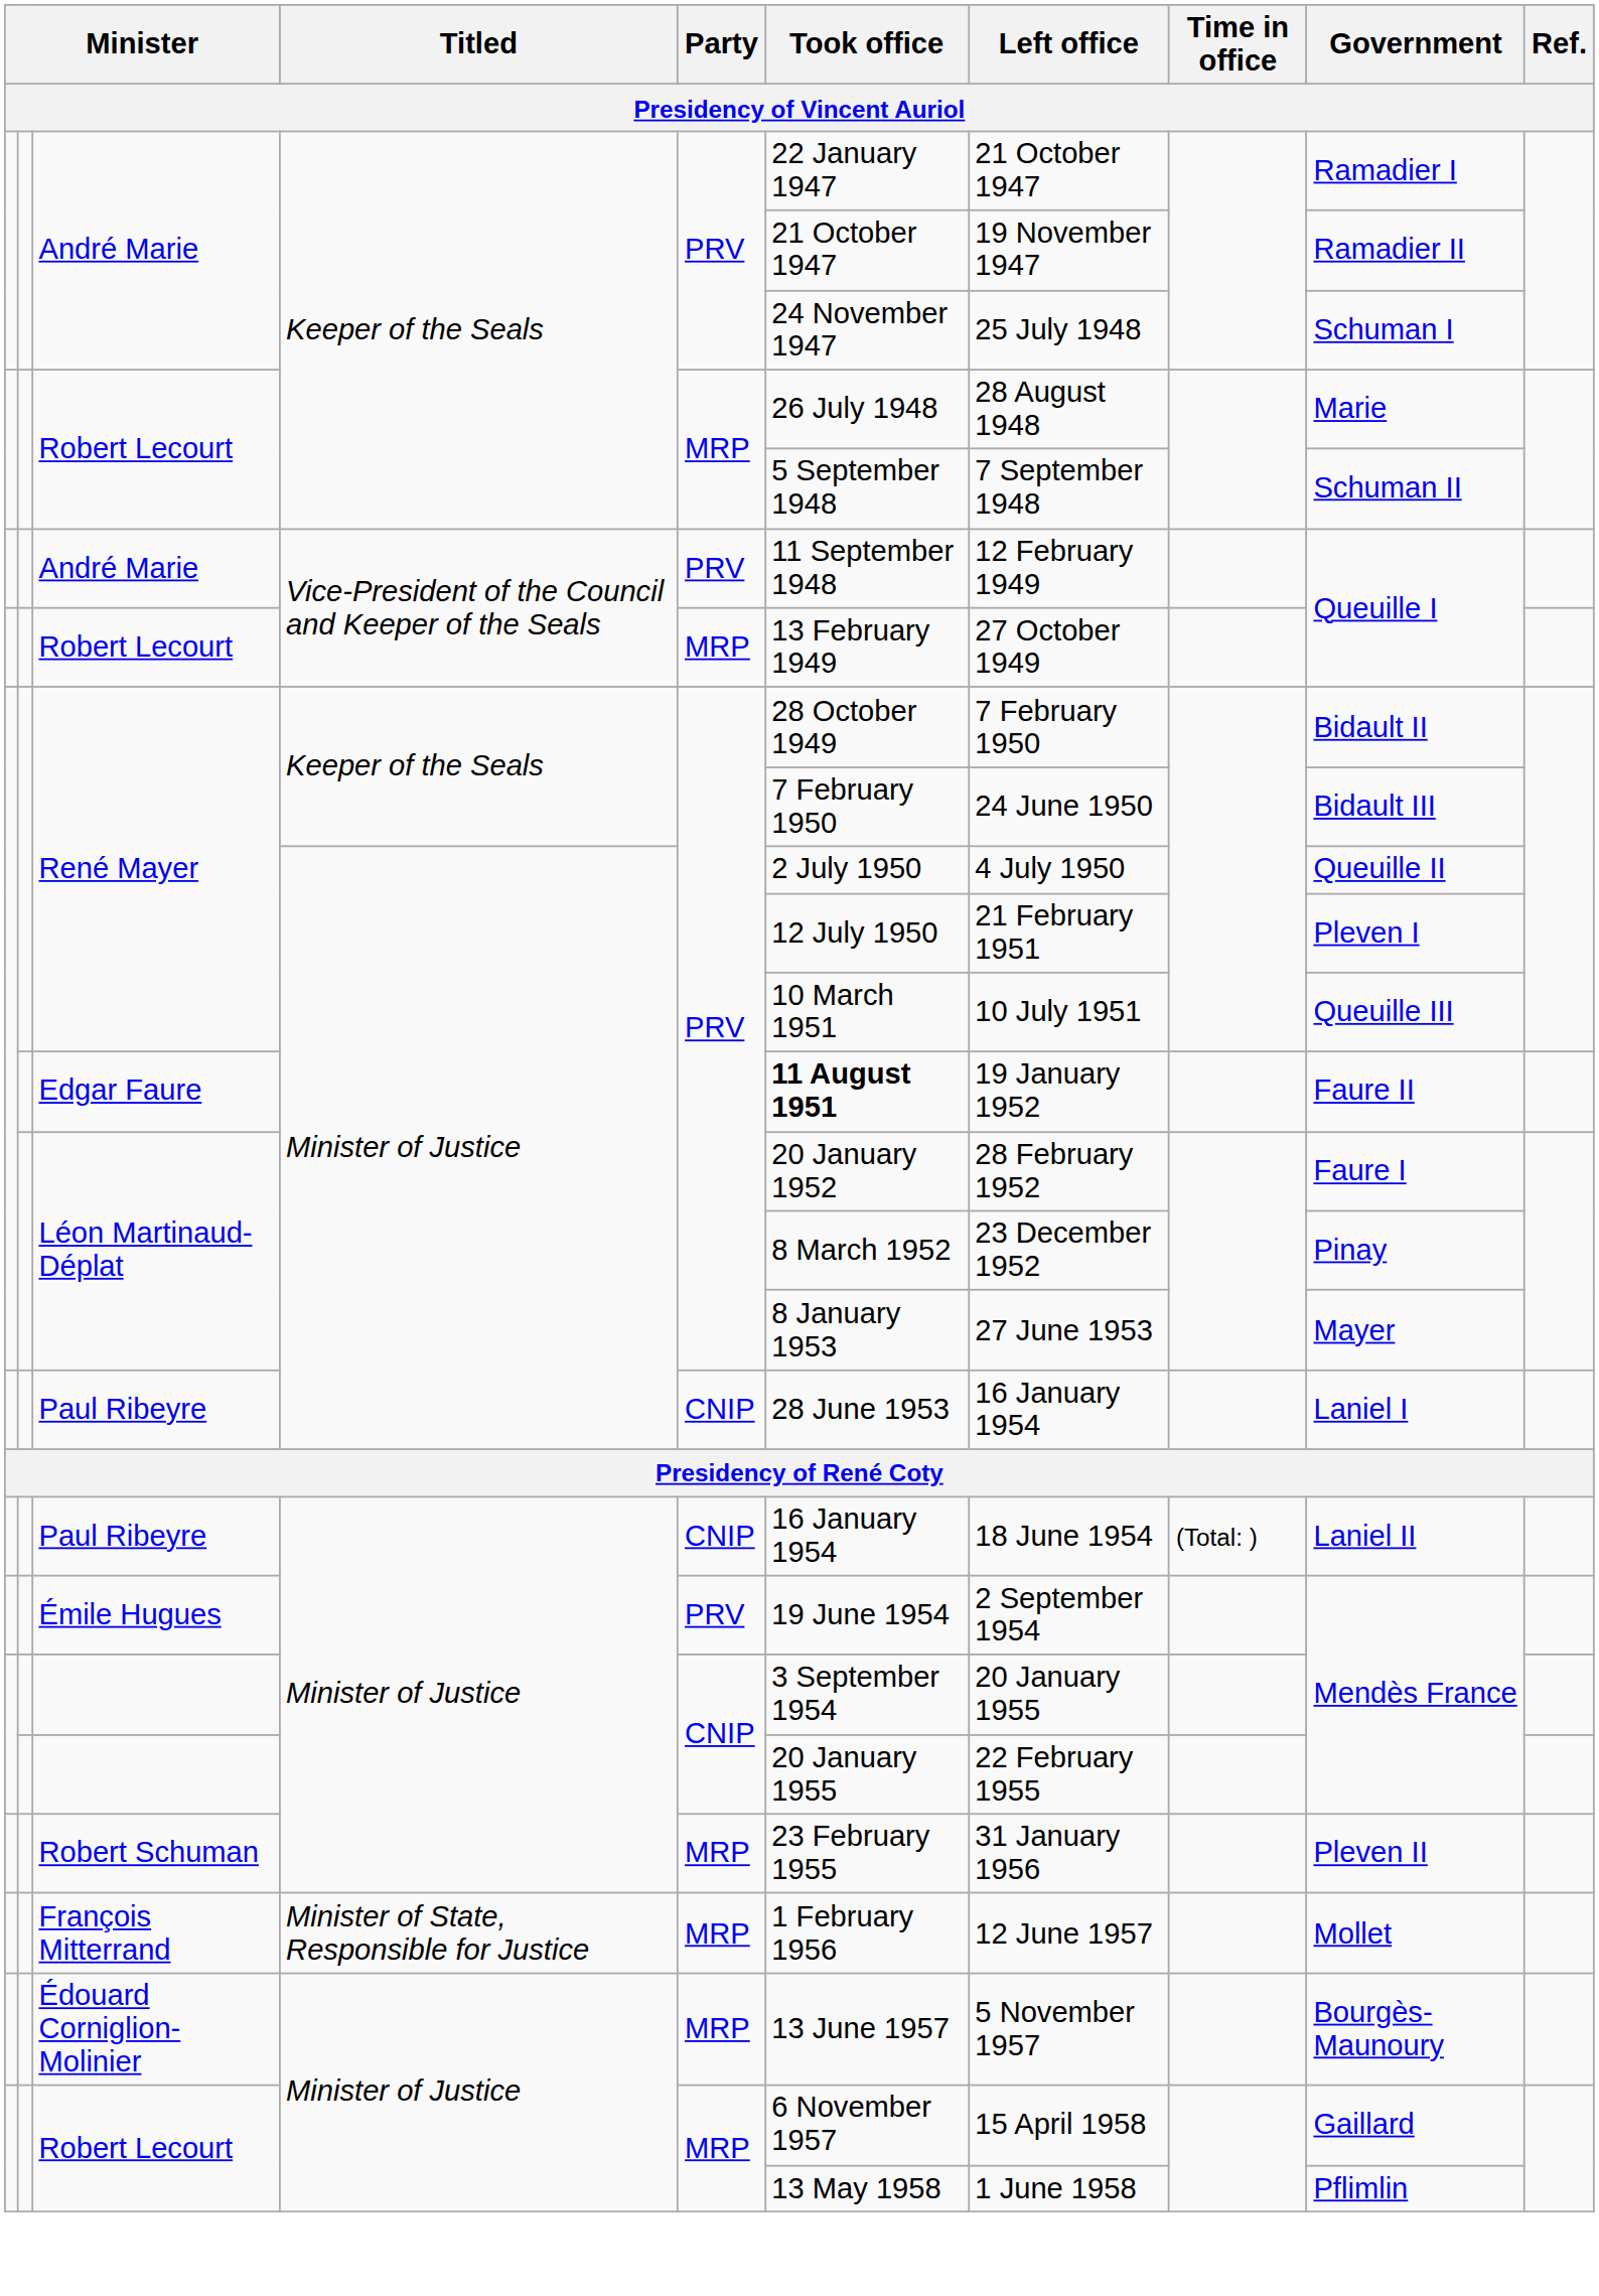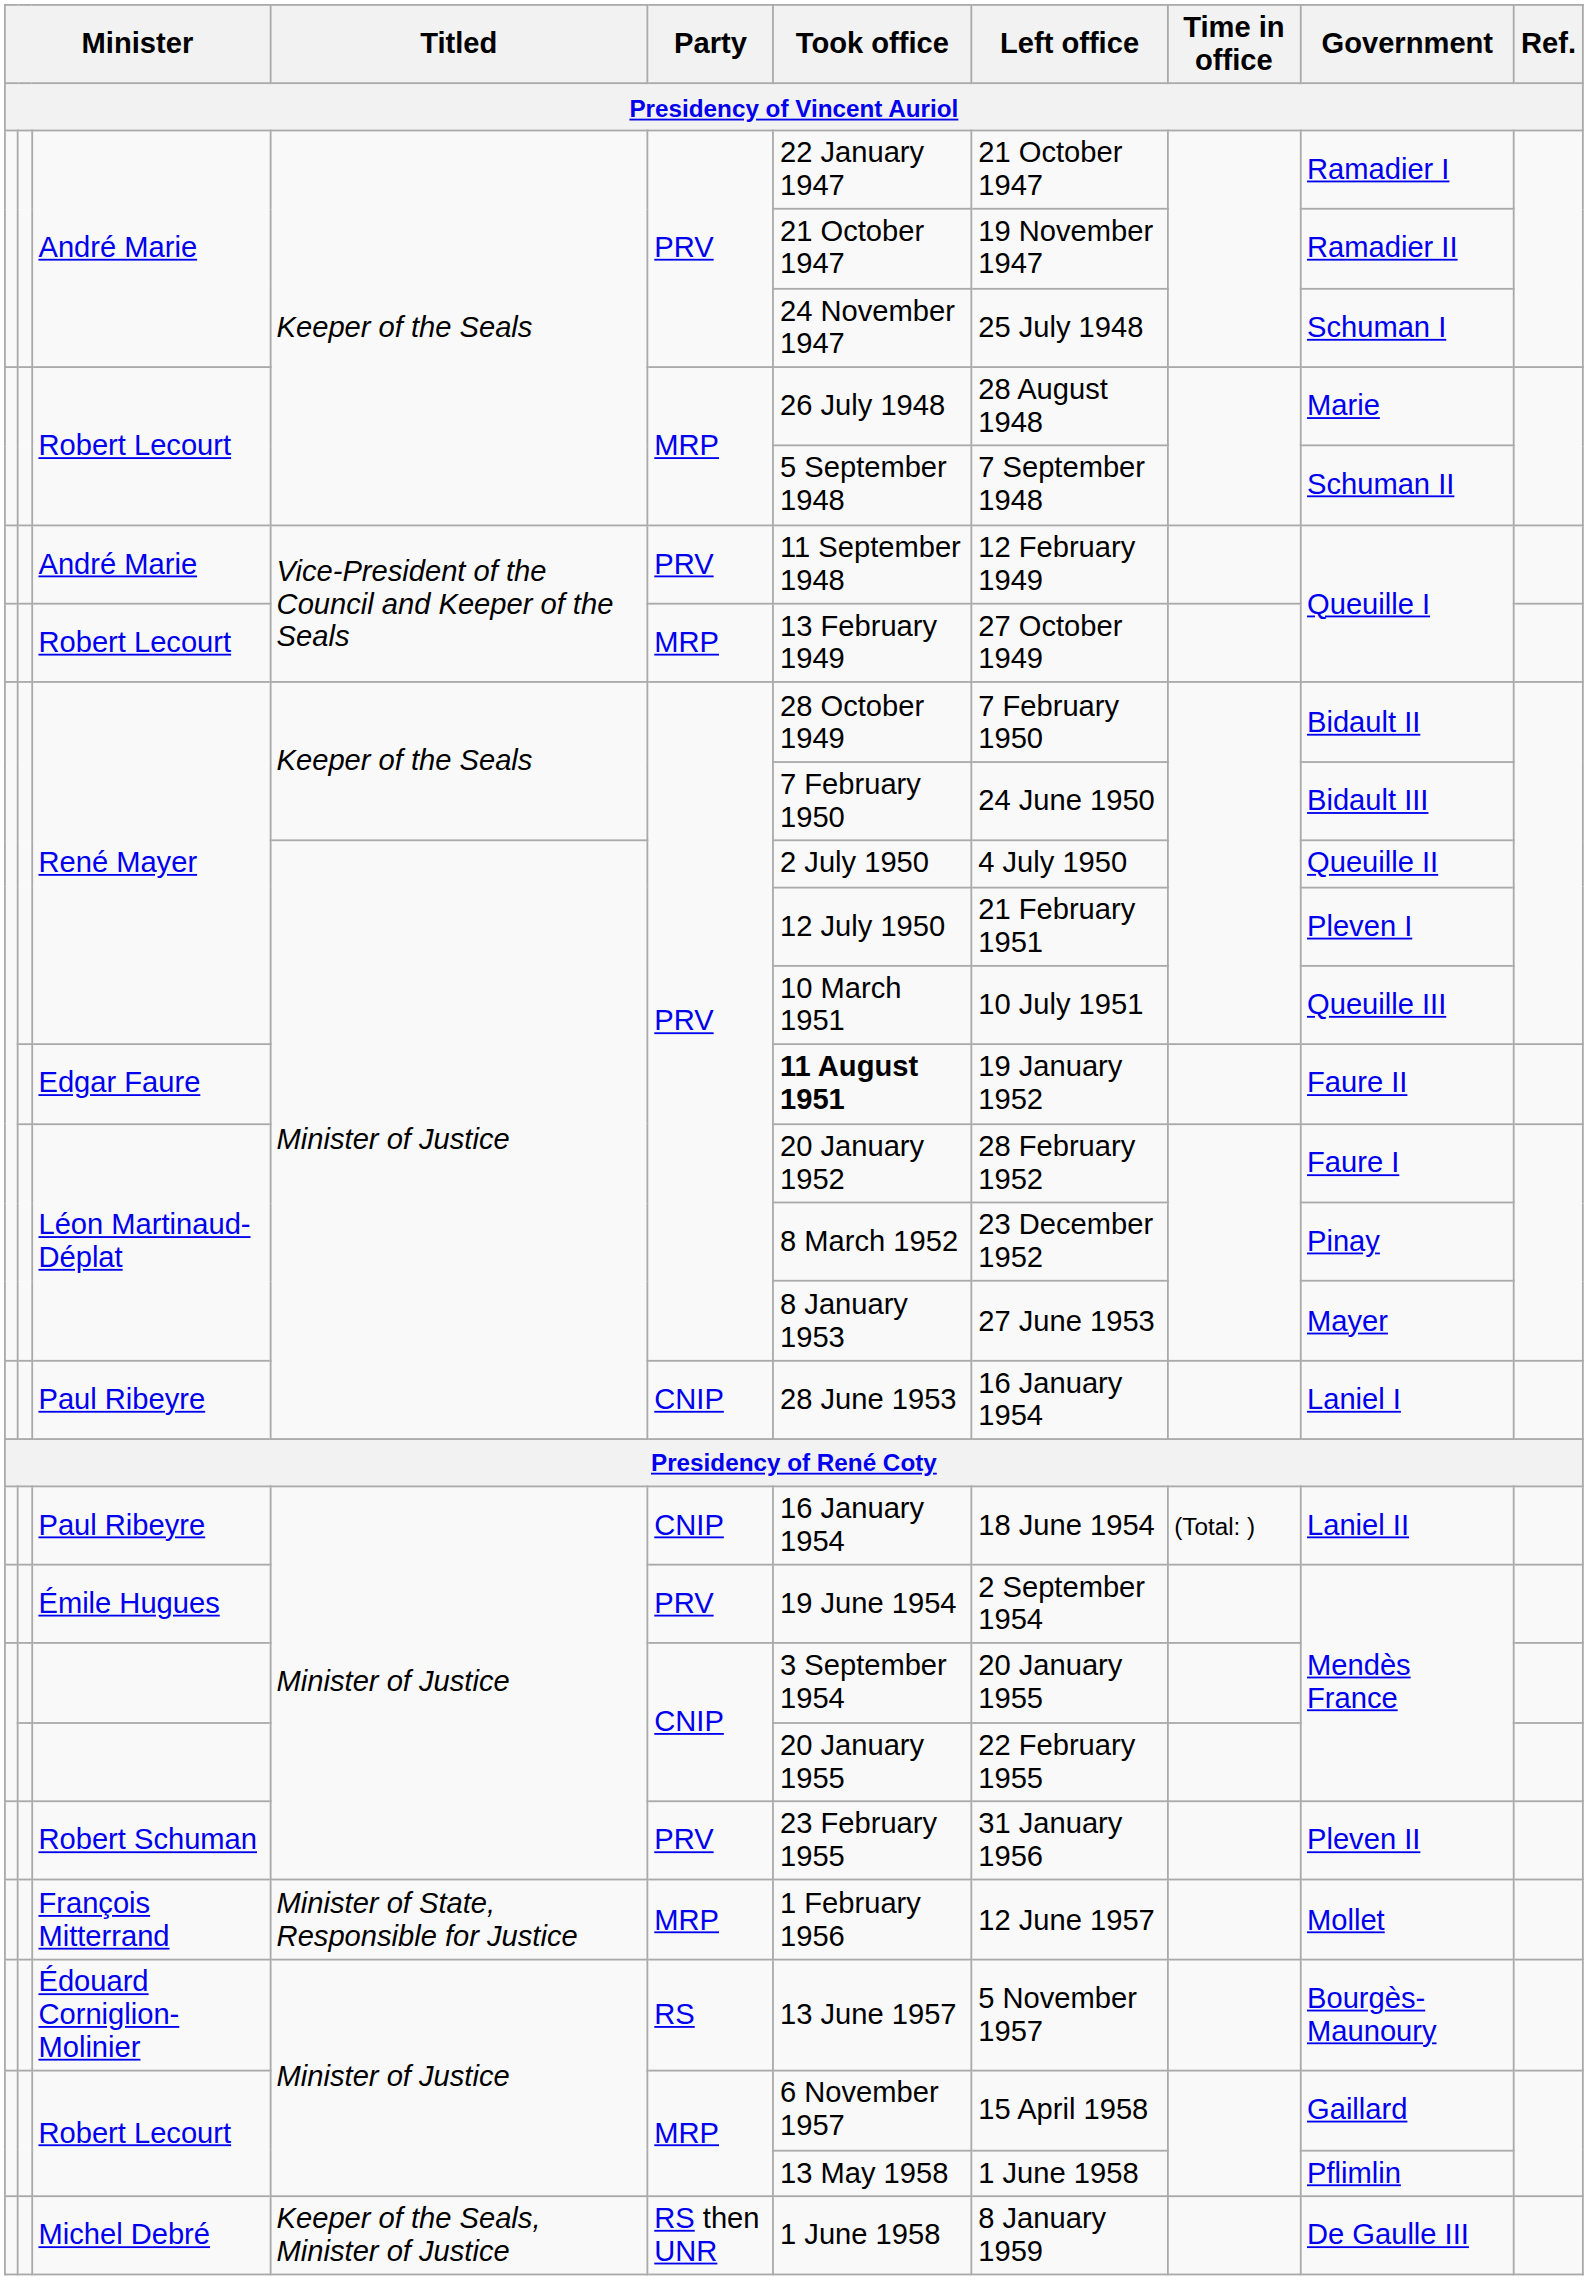 <table class="wikitable">
 <tr>
 <th colspan="3">Minister</th>
 <th>Titled</th>
 <th>Party</th>
 <th>Took office</th>
 <th>Left office</th>
 <th>Time in office</th>
 <th>Government</th>
 <th>Ref.</th>
 </tr>
 <tr>
 <th colspan="10"><small><a href='#'>Presidency of Vincent Auriol</a></small></th>
 </tr>
 <tr>
 <td rowspan="3" style="background:"></td>
 <td rowspan="3"></td>
 <td rowspan="3"><a href='#'>André Marie</a></td>
 <td rowspan="5"><em>Keeper of the Seals</em></td>
 <td rowspan="3"><a href='#'>PRV</a></td>
 <td>22 January 1947</td>
 <td>21 October 1947</td>
 <td rowspan="3"></td>
 <td><a href='#'>Ramadier I</a></td>
 <td rowspan="3"></td>
 </tr>
 <tr>
 <td>21 October 1947</td>
 <td>19 November 1947</td>
 <td><a href='#'>Ramadier II</a></td>
 </tr>
 <tr>
 <td>24 November 1947</td>
 <td>25 July 1948</td>
 <td><a href='#'>Schuman I</a></td>
 </tr>
 <tr>
 <td rowspan="2" style="background:"></td>
 <td rowspan="2"></td>
 <td rowspan="2"><a href='#'>Robert Lecourt</a></td>
 <td rowspan="2"><a href='#'>MRP</a></td>
 <td>26 July 1948</td>
 <td>28 August 1948</td>
 <td rowspan="2"></td>
 <td><a href='#'>Marie</a></td>
 <td rowspan="2"></td>
 </tr>
 <tr>
 <td>5 September 1948</td>
 <td>7 September 1948</td>
 <td><a href='#'>Schuman II</a></td>
 </tr>
 <tr>
 <td style="background:"></td>
 <td></td>
 <td><a href='#'>André Marie</a></td>
 <td rowspan="2"><em>Vice-President of the Council and Keeper of the Seals</em></td>
 <td><a href='#'>PRV</a></td>
 <td>11 September 1948</td>
 <td>12 February 1949</td>
 <td></td>
 <td rowspan="2"><a href='#'>Queuille I</a></td>
 <td></td>
 </tr>
 <tr>
 <td style="background:"></td>
 <td></td>
 <td><a href='#'>Robert Lecourt</a></td>
 <td><a href='#'>MRP</a></td>
 <td>13 February 1949</td>
 <td>27 October 1949</td>
 <td></td>
 <td></td>
 </tr>
 <tr>
 <td rowspan="9" style="background:"></td>
 <td rowspan="5"></td>
 <td rowspan="5"><a href='#'>René Mayer</a></td>
 <td rowspan="2"><em>Keeper of the Seals</em></td>
 <td rowspan="9"><a href='#'>PRV</a></td>
 <td>28 October 1949</td>
 <td>7 February 1950</td>
 <td rowspan="5"></td>
 <td><a href='#'>Bidault II</a></td>
 <td rowspan="5"></td>
 </tr>
 <tr>
 <td>7 February 1950</td>
 <td>24 June 1950</td>
 <td><a href='#'>Bidault III</a></td>
 </tr>
 <tr>
 <td rowspan="8"><em>Minister of Justice</em></td>
 <td>2 July 1950</td>
 <td>4 July 1950</td>
 <td><a href='#'>Queuille II</a></td>
 </tr>
 <tr>
 <td>12 July 1950</td>
 <td>21 February 1951</td>
 <td><a href='#'>Pleven I</a></td>
 </tr>
 <tr>
 <td>10 March 1951</td>
 <td>10 July 1951</td>
 <td><a href='#'>Queuille III</a></td>
 </tr>
 <tr>
 <td></td>
 <td><a href='#'>Edgar Faure</a></td>
 <td><strong>11 August 1951</strong></td>
 <td>19 January 1952</td>
 <td></td>
 <td><a href='#'>Faure II</a></td>
 <td></td>
 </tr>
 <tr>
 <td rowspan="3"></td>
 <td rowspan="3"><a href='#'>Léon Martinaud-Déplat</a></td>
 <td>20 January 1952</td>
 <td>28 February 1952</td>
 <td rowspan="3"></td>
 <td><a href='#'>Faure I</a></td>
 <td rowspan="3"></td>
 </tr>
 <tr>
 <td>8 March 1952</td>
 <td>23 December 1952</td>
 <td><a href='#'>Pinay</a></td>
 </tr>
 <tr>
 <td>8 January 1953</td>
 <td>27 June 1953</td>
 <td><a href='#'>Mayer</a></td>
 </tr>
 <tr>
 <td style="background:"></td>
 <td></td>
 <td><a href='#'>Paul Ribeyre</a></td>
 <td><a href='#'>CNIP</a></td>
 <td>28 June 1953</td>
 <td>16 January 1954</td>
 <td></td>
 <td><a href='#'>Laniel I</a></td>
 <td></td>
 </tr>
 <tr>
 <th colspan="10"><a href='#'><small>Presidency of René Coty</small></a></th>
 </tr>
 <tr>
 <td style="background:"></td>
 <td></td>
 <td><a href='#'>Paul Ribeyre</a></td>
 <td rowspan="5"><em>Minister of Justice</em></td>
 <td><a href='#'>CNIP</a></td>
 <td>16 January 1954</td>
 <td>18 June 1954</td>
 <td> <small>(Total: )</small></td>
 <td><a href='#'>Laniel II</a></td>
 <td></td>
 </tr>
 <tr>
 <td style="background:"></td>
 <td></td>
 <td><a href='#'>Émile Hugues</a></td>
 <td><a href='#'>PRV</a></td>
 <td>19 June 1954</td>
 <td>2 September 1954</td>
 <td></td>
 <td rowspan="3"><a href='#'>Mendès France</a></td>
 <td></td>
 </tr>
 <tr>
 <td rowspan="2" style="background:"></td>
 <td></td>
 <td></td>
 <td rowspan="2"><a href='#'>CNIP</a></td>
 <td>3 September 1954</td>
 <td>20 January 1955</td>
 <td></td>
 <td></td>
 </tr>
 <tr>
 <td></td>
 <td></td>
 <td>20 January 1955</td>
 <td>22 February 1955</td>
 <td></td>
 <td></td>
 </tr>
 <tr>
 <td style="background:"></td>
 <td></td>
 <td><a href='#'>Robert Schuman</a></td>
-<td><a href='#'>MRP</a></td>
+<td><a href='#'>PRV</a></td>
 <td>23 February 1955</td>
 <td>31 January 1956</td>
 <td></td>
 <td><a href='#'>Pleven II</a></td>
 <td></td>
 </tr>
 <tr>
 <td style="background:"></td>
 <td></td>
 <td><a href='#'>François Mitterrand</a></td>
 <td><em>Minister of State, Responsible for Justice</em></td>
 <td><a href='#'>MRP</a></td>
 <td><abbr>1</abbr> February 1956</td>
 <td>12 June 1957</td>
 <td></td>
 <td><a href='#'>Mollet</a></td>
 <td></td>
 </tr>
 <tr>
 <td style="background:"></td>
 <td></td>
 <td><a href='#'>Édouard Corniglion-Molinier</a></td>
 <td rowspan="3"><em>Minister of Justice</em></td>
-<td><a href='#'>MRP</a></td>
+<td><a href='#'>RS</a></td>
 <td>13 June 1957</td>
 <td>5 November 1957</td>
 <td></td>
 <td><a href='#'>Bourgès-Maunoury</a></td>
 <td></td>
 </tr>
 <tr>
 <td rowspan="2" style="background:"></td>
 <td rowspan="2"></td>
 <td rowspan="2"><a href='#'>Robert Lecourt</a></td>
 <td rowspan="2"><a href='#'>MRP</a></td>
 <td>6 November 1957</td>
 <td>15 April 1958</td>
 <td rowspan="2"></td>
 <td><a href='#'>Gaillard</a></td>
 <td rowspan="2"></td>
 </tr>
 <tr>
 <td>13 May 1958</td>
 <td>1 June 1958</td>
 <td><a href='#'>Pflimlin</a></td>
 </tr>
+<tr>
+<td style="background:"></td>
+<td></td>
+<td><a href='#'>Michel Debré</a></td>
+<td><em>Keeper of the Seals, Minister of Justice</em></td>
+<td><a href='#'>RS</a> then <a href='#'>UNR</a></td>
+<td>1 June 1958</td>
+<td>8 January 1959</td>
+<td></td>
+<td><a href='#'>De Gaulle III</a></td>
+<td></td>
+</tr>
 </table>
